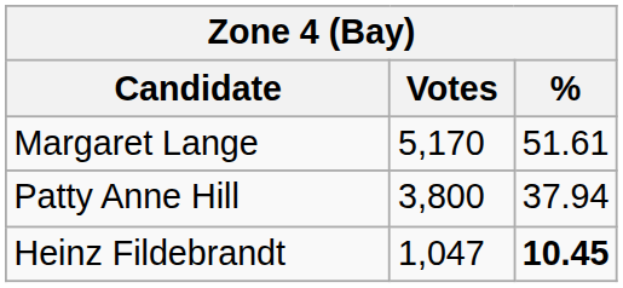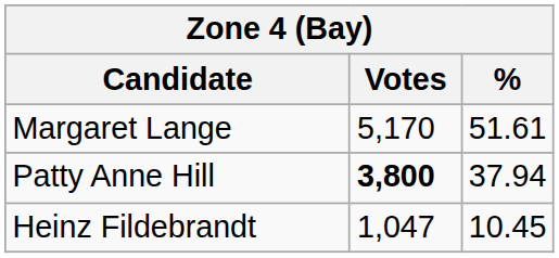 <table class="wikitable">
 <tr>
 <th colspan="3">Zone 4 (Bay)</th>
 </tr>
 <tr>
 <th style="width: 170px">Candidate</th>
 <th style="width: 50px">Votes</th>
 <th style="width: 40px">%</th>
 </tr>
 <tr>
 <td>Margaret Lange</td>
 <td>5,170</td>
 <td>51.61</td>
 </tr>
 <tr>
 <td>Patty Anne Hill</td>
-<td>3,800</td>
+<td><strong>3,800</strong></td>
 <td>37.94</td>
 </tr>
 <tr>
 <td>Heinz Fildebrandt</td>
 <td>1,047</td>
-<td><strong>10.45</strong></td>
+<td>10.45</td>
 </tr>
 </table>
